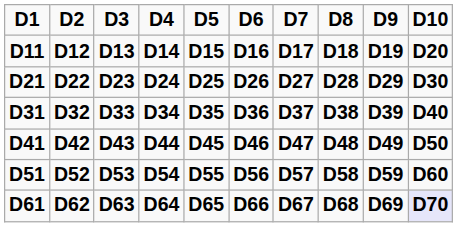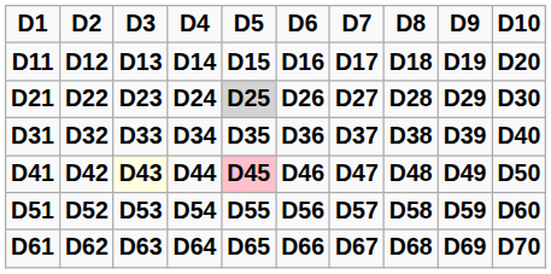 <table class="wikitable" style="text-align: center;">
 <tr valign="top">
 <td><strong>D1</strong><br></td>
 <td><strong>D2</strong><br></td>
 <td><strong>D3</strong><br></td>
 <td><strong>D4</strong><br></td>
 <td><strong>D5</strong><br></td>
 <td><strong>D6</strong><br></td>
 <td><strong>D7</strong><br></td>
 <td><strong>D8</strong><br></td>
 <td><strong>D9</strong><br></td>
 <td><strong>D10</strong><br></td>
 </tr>
 <tr valign="top">
 <td><strong>D11</strong><br></td>
 <td><strong>D12</strong><br></td>
 <td><strong>D13</strong><br></td>
 <td><strong>D14</strong><br></td>
 <td><strong>D15</strong><br></td>
 <td><strong>D16</strong><br></td>
 <td><strong>D17</strong><br></td>
 <td><strong>D18</strong><br></td>
 <td><strong>D19</strong><br></td>
 <td><strong>D20</strong><br></td>
 </tr>
 <tr valign="top">
 <td><strong>D21</strong><br></td>
 <td><strong>D22</strong><br></td>
 <td><strong>D23</strong><br></td>
 <td><strong>D24</strong><br></td>
-<td><strong>D25</strong><br></td>
+<td style="background: lightgrey;"><strong>D25</strong><br></td>
 <td><strong>D26</strong><br></td>
 <td><strong>D27</strong><br></td>
 <td><strong>D28</strong><br></td>
 <td><strong>D29</strong><br></td>
 <td><strong>D30</strong><br></td>
 </tr>
 <tr valign="top">
 <td><strong>D31</strong><br></td>
 <td><strong>D32</strong><br></td>
 <td><strong>D33</strong><br></td>
 <td><strong>D34</strong><br></td>
 <td><strong>D35</strong><br></td>
 <td><strong>D36</strong><br></td>
 <td><strong>D37</strong><br></td>
 <td><strong>D38</strong><br></td>
 <td><strong>D39</strong><br></td>
 <td><strong>D40</strong><br></td>
 </tr>
 <tr valign="top">
 <td><strong>D41</strong><br></td>
 <td><strong>D42</strong><br></td>
-<td><strong>D43</strong><br></td>
+<td style="background: lightyellow;"><strong>D43</strong><br></td>
 <td><strong>D44</strong><br></td>
-<td><strong>D45</strong><br></td>
+<td style="background: pink;"><strong>D45</strong><br></td>
 <td><strong>D46</strong><br></td>
 <td><strong>D47</strong><br></td>
 <td><strong>D48</strong><br></td>
 <td><strong>D49</strong><br></td>
 <td><strong>D50</strong><br></td>
 </tr>
 <tr valign="top">
 <td><strong>D51</strong><br></td>
 <td><strong>D52</strong><br></td>
 <td><strong>D53</strong><br></td>
 <td><strong>D54</strong><br></td>
 <td><strong>D55</strong><br></td>
 <td><strong>D56</strong><br></td>
 <td><strong>D57</strong><br></td>
 <td><strong>D58</strong><br></td>
 <td><strong>D59</strong><br></td>
 <td><strong>D60</strong><br></td>
 </tr>
 <tr valign="top">
 <td><strong>D61</strong><br></td>
 <td><strong>D62</strong><br></td>
 <td><strong>D63</strong><br></td>
 <td><strong>D64</strong><br></td>
 <td><strong>D65</strong><br></td>
 <td><strong>D66</strong><br></td>
 <td><strong>D67</strong><br></td>
 <td><strong>D68</strong><br></td>
 <td><strong>D69</strong><br></td>
-<td style="background: lavender;"><strong>D70</strong><br></td>
+<td><strong>D70</strong><br></td>
 </tr>
 </table>
